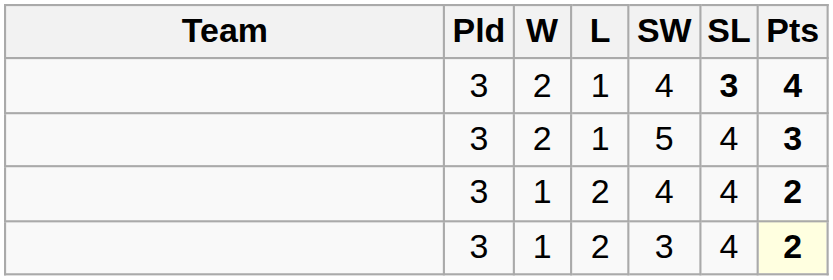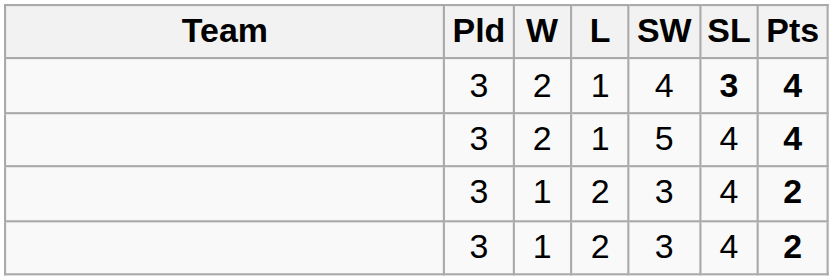 <table class=wikitable style="text-align:center">
 <tr>
 <th width=200>Team</th>
 <th width=20>Pld</th>
 <th width=20>W</th>
 <th width=20>L</th>
 <th width=20>SW</th>
 <th width=20>SL</th>
 <th width=20>Pts</th>
 </tr>
 <tr>
 <td align=left></td>
 <td>3</td>
 <td>2</td>
 <td>1</td>
 <td>4</td>
 <td><strong>3</strong></td>
 <td><strong>4</strong></td>
 </tr>
 <tr>
 <td align=left></td>
 <td>3</td>
 <td>2</td>
 <td>1</td>
 <td>5</td>
 <td>4</td>
-<td><strong>3</strong></td>
+<td><strong>4</strong></td>
 </tr>
 <tr>
 <td align=left></td>
 <td>3</td>
 <td>1</td>
 <td>2</td>
-<td>4</td>
+<td>3</td>
 <td>4</td>
 <td><strong>2</strong></td>
 </tr>
 <tr>
 <td align=left></td>
 <td>3</td>
 <td>1</td>
 <td>2</td>
 <td>3</td>
 <td>4</td>
-<td style="background: lightyellow;"><strong>2</strong></td>
+<td><strong>2</strong></td>
 </tr>
 </table>
